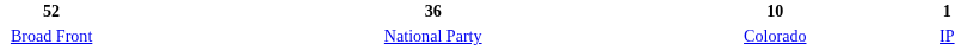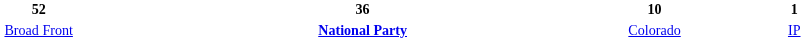 <table style="width:66em; text-align:center; font-size:88%">
 <tr style="font-weight:bold">
 <td style="background:">52</td>
 <td style="background:">36</td>
 <td style="background:">10</td>
 <td style="background:">1</td>
 </tr>
 <tr>
 <td><a href='#'>Broad Front</a></td>
-<td><a href='#'>National Party</a></td>
+<td><strong><a href='#'>National Party</a></strong></td>
 <td><a href='#'>Colorado</a></td>
 <td><a href='#'>IP</a></td>
 </tr>
 </table>
